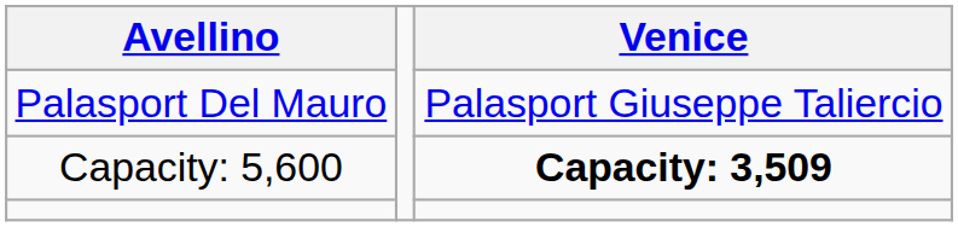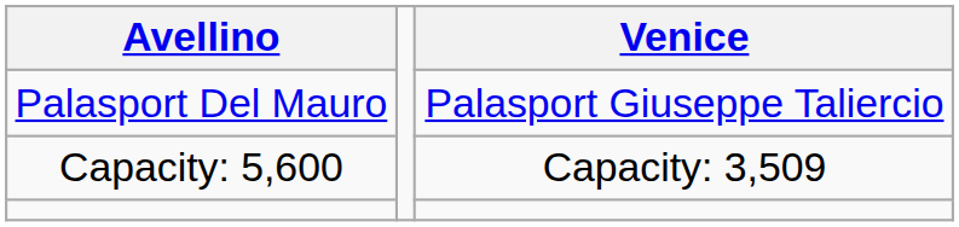 <table class="wikitable" style="text-align:center; margin:1em auto;">
 <tr>
 <th><a href='#'>Avellino</a></th>
 <td rowspan=4></td>
 <th><a href='#'>Venice</a></th>
 </tr>
 <tr>
 <td><a href='#'>Palasport Del Mauro</a></td>
 <td><a href='#'>Palasport Giuseppe Taliercio</a></td>
 </tr>
 <tr>
 <td>Capacity: 5,600</td>
-<td><strong>Capacity: 3,509</strong></td>
+<td>Capacity: 3,509</td>
 </tr>
 <tr>
 <td></td>
 <td></td>
 </tr>
 </table>
